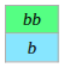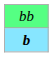 <table class="wikitable" style="font-style:italic;text-align:center;">
 <tr>
 <td bgcolor="#55FF83" width="40">bb</td>
 </tr>
 <tr>
-<td bgcolor="#87E6FF" width="40">b</td>
+<td bgcolor="#87E6FF" width="40"><strong>b</strong></td>
 </tr>
 </table>
